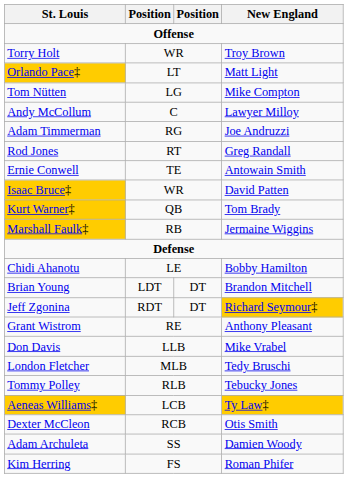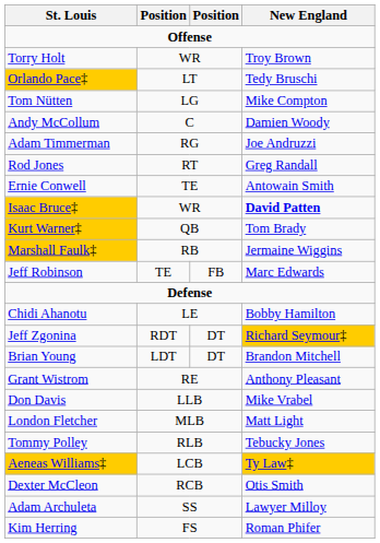 <table class="wikitable">
 <tr>
 <th style="width:150px;">St. Louis</th>
 <th>Position</th>
 <th>Position</th>
 <th style="width:150px;">New England</th>
 </tr>
 <tr>
 <td colspan="4" style="text-align:center;"><strong>Offense</strong></td>
 </tr>
 <tr>
 <td><a href='#'>Torry Holt</a></td>
 <td colspan="2" style="text-align:center;">WR</td>
 <td><a href='#'>Troy Brown</a></td>
 </tr>
 <tr>
 <td bgcolor="#FFCC00"><a href='#'>Orlando Pace</a>‡</td>
 <td colspan="2" style="text-align:center;">LT</td>
-<td><a href='#'>Matt Light</a></td>
+<td><a href='#'>Tedy Bruschi</a></td>
 </tr>
 <tr>
 <td><a href='#'>Tom Nütten</a></td>
 <td colspan="2" style="text-align:center;">LG</td>
 <td><a href='#'>Mike Compton</a></td>
 </tr>
 <tr>
 <td><a href='#'>Andy McCollum</a></td>
 <td colspan="2" style="text-align:center;">C</td>
-<td><a href='#'>Lawyer Milloy</a></td>
+<td><a href='#'>Damien Woody</a></td>
 </tr>
 <tr>
 <td><a href='#'>Adam Timmerman</a></td>
 <td colspan="2" style="text-align:center;">RG</td>
 <td><a href='#'>Joe Andruzzi</a></td>
 </tr>
 <tr>
 <td><a href='#'>Rod Jones</a></td>
 <td colspan="2" style="text-align:center;">RT</td>
 <td><a href='#'>Greg Randall</a></td>
 </tr>
 <tr>
 <td><a href='#'>Ernie Conwell</a></td>
 <td colspan="2" style="text-align:center;">TE</td>
 <td><a href='#'>Antowain Smith</a></td>
 </tr>
 <tr>
 <td bgcolor="#FFCC00"><a href='#'>Isaac Bruce</a>‡</td>
 <td colspan="2" style="text-align:center;">WR</td>
-<td><a href='#'>David Patten</a></td>
+<td><strong><a href='#'>David Patten</a></strong></td>
 </tr>
 <tr>
 <td bgcolor="#FFCC00"><a href='#'>Kurt Warner</a>‡</td>
 <td colspan="2" style="text-align:center;">QB</td>
 <td><a href='#'>Tom Brady</a></td>
 </tr>
 <tr>
 <td bgcolor="#FFCC00"><a href='#'>Marshall Faulk</a>‡</td>
 <td colspan="2" style="text-align:center;">RB</td>
 <td><a href='#'>Jermaine Wiggins</a></td>
 </tr>
 <tr>
+<td><a href='#'>Jeff Robinson</a></td>
+<td style="text-align:center;">TE</td>
+<td style="text-align:center;">FB</td>
+<td><a href='#'>Marc Edwards</a></td>
+</tr>
+<tr>
 <td colspan="4" style="text-align:center;"><strong>Defense</strong></td>
 </tr>
 <tr>
 <td><a href='#'>Chidi Ahanotu</a></td>
 <td colspan="2" style="text-align:center;">LE</td>
 <td><a href='#'>Bobby Hamilton</a></td>
 </tr>
 <tr>
+<td><a href='#'>Jeff Zgonina</a></td>
+<td style="text-align:center;">RDT</td>
+<td style="text-align:center;">DT</td>
+<td bgcolor="#FFCC00"><a href='#'>Richard Seymour</a>‡</td>
+</tr>
+<tr>
 <td><a href='#'>Brian Young</a></td>
 <td style="text-align:center;">LDT</td>
 <td style="text-align:center;">DT</td>
 <td><a href='#'>Brandon Mitchell</a></td>
-</tr>
-<tr>
-<td><a href='#'>Jeff Zgonina</a></td>
-<td style="text-align:center;">RDT</td>
-<td style="text-align:center;">DT</td>
-<td bgcolor="#FFCC00"><a href='#'>Richard Seymour</a>‡</td>
 </tr>
 <tr>
 <td><a href='#'>Grant Wistrom</a></td>
 <td colspan="2" style="text-align:center;">RE</td>
 <td><a href='#'>Anthony Pleasant</a></td>
 </tr>
 <tr>
 <td><a href='#'>Don Davis</a></td>
 <td colspan="2" style="text-align:center;">LLB</td>
 <td><a href='#'>Mike Vrabel</a></td>
 </tr>
 <tr>
 <td><a href='#'>London Fletcher</a></td>
 <td colspan="2" style="text-align:center;">MLB</td>
-<td><a href='#'>Tedy Bruschi</a></td>
+<td><a href='#'>Matt Light</a></td>
 </tr>
 <tr>
 <td><a href='#'>Tommy Polley</a></td>
 <td colspan="2" style="text-align:center;">RLB</td>
 <td><a href='#'>Tebucky Jones</a></td>
 </tr>
 <tr>
 <td bgcolor="#FFCC00"><a href='#'>Aeneas Williams</a>‡</td>
 <td colspan="2" style="text-align:center;">LCB</td>
 <td bgcolor="#FFCC00"><a href='#'>Ty Law</a>‡</td>
 </tr>
 <tr>
 <td><a href='#'>Dexter McCleon</a></td>
 <td colspan="2" style="text-align:center;">RCB</td>
 <td><a href='#'>Otis Smith</a></td>
 </tr>
 <tr>
 <td><a href='#'>Adam Archuleta</a></td>
 <td colspan="2" style="text-align:center;">SS</td>
-<td><a href='#'>Damien Woody</a></td>
+<td><a href='#'>Lawyer Milloy</a></td>
 </tr>
 <tr>
 <td><a href='#'>Kim Herring</a></td>
 <td colspan="2" style="text-align:center;">FS</td>
 <td><a href='#'>Roman Phifer</a></td>
 </tr>
 </table>
